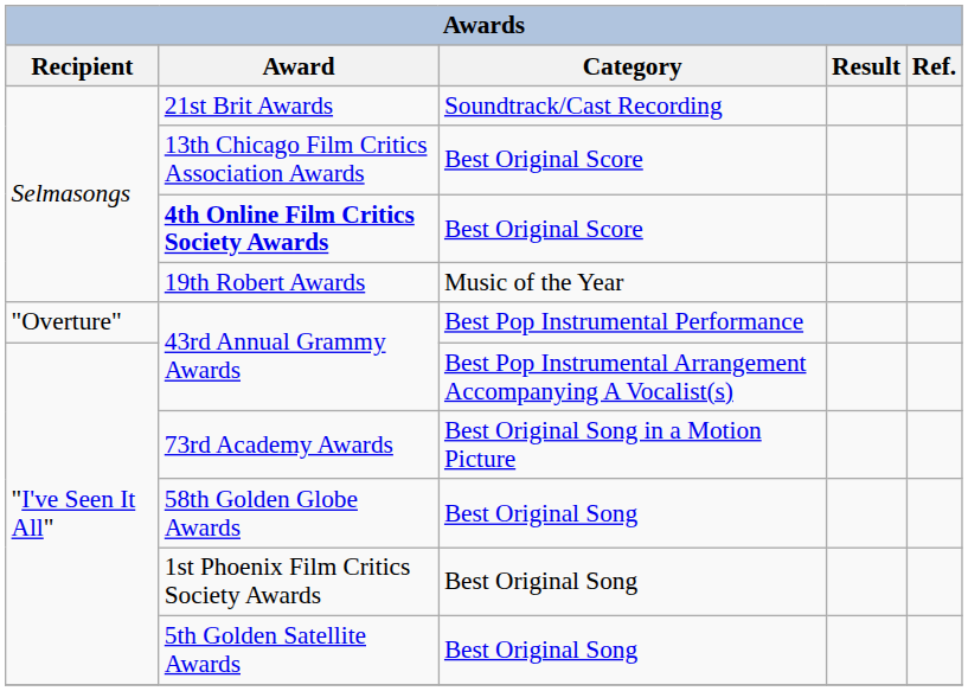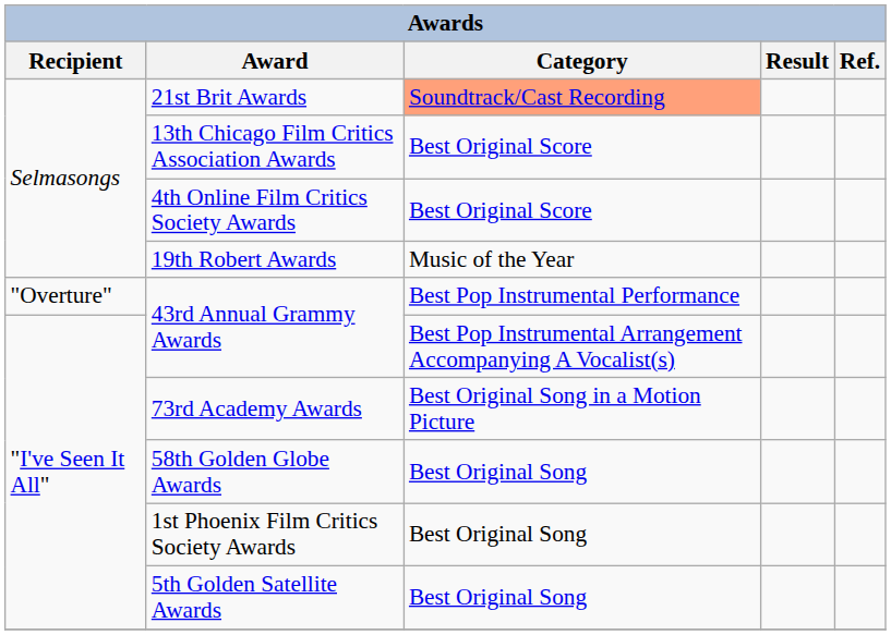 <table class="wikitable">
 <tr style="background:#ccc; text-align:center;">
 <th colspan="5" style="background: LightSteelBlue;">Awards</th>
 </tr>
 <tr style="background:#ccc; text-align:center;">
 <th>Recipient</th>
 <th>Award</th>
 <th>Category</th>
 <th>Result</th>
 <th>Ref.</th>
 </tr>
 <tr>
 <td rowspan=4><em>Selmasongs</em></td>
 <td><a href='#'>21st Brit Awards</a></td>
-<td><a href='#'>Soundtrack/Cast Recording</a></td>
+<td style="background: lightsalmon;"><a href='#'>Soundtrack/Cast Recording</a></td>
 <td></td>
 <td></td>
 </tr>
 <tr>
 <td><a href='#'>13th Chicago Film Critics Association Awards</a></td>
 <td><a href='#'>Best Original Score</a></td>
 <td></td>
 <td></td>
 </tr>
 <tr>
-<td><strong><a href='#'>4th Online Film Critics Society Awards</a></strong></td>
+<td><a href='#'>4th Online Film Critics Society Awards</a></td>
 <td><a href='#'>Best Original Score</a></td>
 <td></td>
 <td></td>
 </tr>
 <tr>
 <td><a href='#'>19th Robert Awards</a></td>
 <td>Music of the Year</td>
 <td></td>
 <td></td>
 </tr>
 <tr>
 <td>"Overture"</td>
 <td rowspan=2><a href='#'>43rd Annual Grammy Awards</a></td>
 <td><a href='#'>Best Pop Instrumental Performance</a></td>
 <td></td>
 <td></td>
 </tr>
 <tr>
 <td rowspan=5>"<a href='#'>I've Seen It All</a>"</td>
 <td><a href='#'>Best Pop Instrumental Arrangement Accompanying A Vocalist(s)</a></td>
 <td></td>
 <td></td>
 </tr>
 <tr>
 <td><a href='#'>73rd Academy Awards</a></td>
 <td><a href='#'>Best Original Song in a Motion Picture</a></td>
 <td></td>
 <td></td>
 </tr>
 <tr>
 <td><a href='#'>58th Golden Globe Awards</a></td>
 <td><a href='#'>Best Original Song</a></td>
 <td></td>
 <td></td>
 </tr>
 <tr>
 <td>1st Phoenix Film Critics Society Awards</td>
 <td>Best Original Song</td>
 <td></td>
 <td></td>
 </tr>
 <tr>
 <td><a href='#'>5th Golden Satellite Awards</a></td>
 <td><a href='#'>Best Original Song</a></td>
 <td></td>
 <td></td>
 </tr>
 <tr>
 </tr>
 </table>
